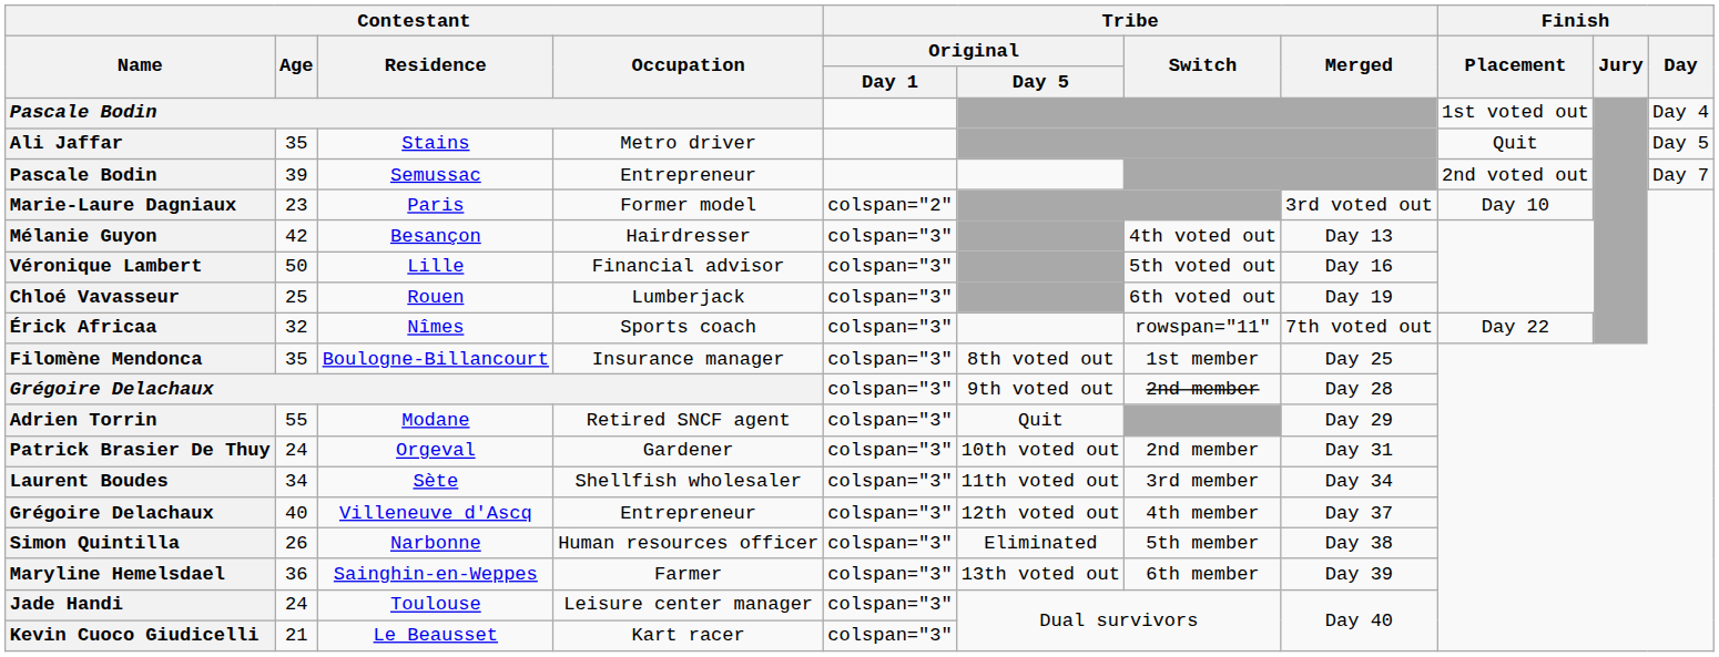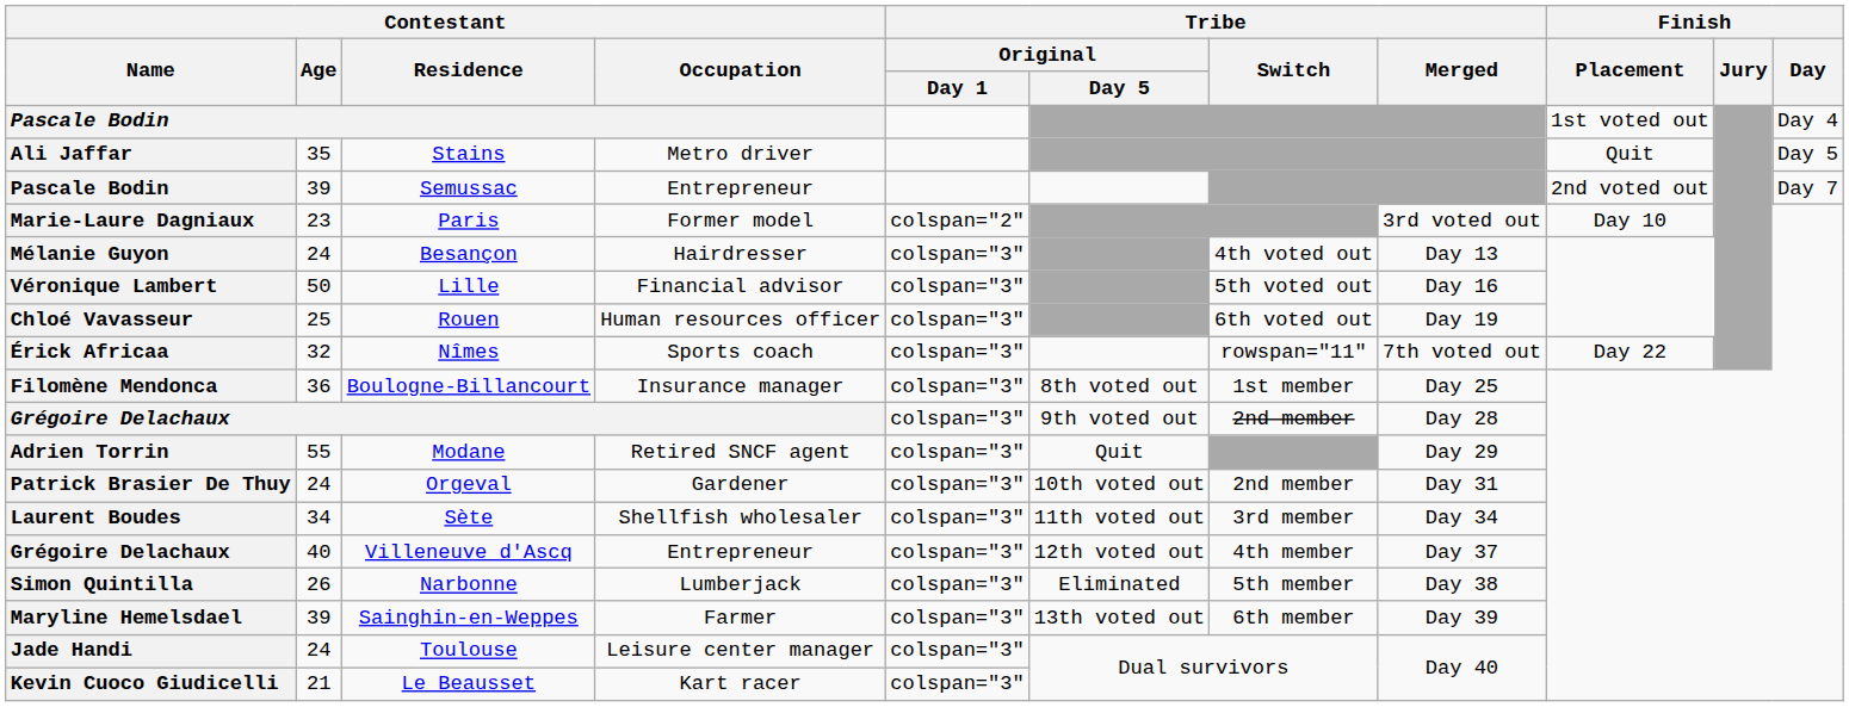 <table class="wikitable sortable" style="text-align:center;">
 <tr>
 <th colspan="4" scope="colgroup" class="unsortable">Contestant</th>
 <th colspan="4" scope="colgroup" class="unsortable">Tribe</th>
 <th colspan="3" scope="colgroup" class="unsortable">Finish</th>
 </tr>
 <tr>
 <th rowspan="2" scope="col">Name</th>
 <th rowspan="2" scope="col">Age</th>
 <th rowspan="2" scope="col" class="unsortable">Residence</th>
 <th rowspan="2" scope="col" class="unsortable">Occupation</th>
 <th colspan="2" scope="col">Original</th>
 <th rowspan="2" scope="col">Switch</th>
 <th rowspan="2" class="unsortable">Merged</th>
 <th rowspan="2" scope="col" class="unsortable">Placement</th>
 <th rowspan="2" scope="col" class="unsortable">Jury</th>
 <th rowspan="2" scope="col" class="unsortable">Day</th>
 </tr>
 <tr style="line-height:normal;">
 <th>Day 1</th>
 <th>Day 5</th>
 </tr>
 <tr>
 <th colspan="4" scope="row" style="text-align:left;"><em>Pascale Bodin</em></th>
 <td></td>
 <td colspan="3" style="background:darkgray; border:none;"></td>
 <td>1st voted out</td>
 <td rowspan="8" style="background:darkgray; border:none;"></td>
 <td>Day 4</td>
 </tr>
 <tr>
 <th scope="row" style="text-align:left;">Ali Jaffar</th>
 <td>35</td>
 <td><a href='#'>Stains</a></td>
 <td>Metro driver</td>
 <td></td>
 <td colspan="3" style="background:darkgray; border:none;"></td>
 <td>Quit</td>
 <td>Day 5</td>
 </tr>
 <tr>
 <th scope="row" style="text-align:left;">Pascale Bodin</th>
 <td>39</td>
 <td><a href='#'>Semussac</a></td>
 <td>Entrepreneur</td>
 <td></td>
 <td></td>
 <td colspan="2" style="background:darkgray; border:none;"></td>
 <td>2nd voted out</td>
 <td>Day 7</td>
 </tr>
 <tr>
 <th scope="row" style="text-align:left;">Marie-Laure Dagniaux</th>
 <td>23</td>
 <td><a href='#'>Paris</a></td>
 <td>Former model</td>
 <td>colspan="2" </td>
 <td colspan="2" style="background:darkgray; border:none;"></td>
 <td>3rd voted out</td>
 <td>Day 10</td>
 </tr>
 <tr>
 <th scope="row" style="text-align:left;">Mélanie Guyon</th>
-<td>42</td>
+<td>24</td>
 <td><a href='#'>Besançon</a></td>
 <td>Hairdresser</td>
 <td>colspan="3" </td>
 <td style="background:darkgray; border:none;"></td>
 <td>4th voted out</td>
 <td>Day 13</td>
 </tr>
 <tr>
 <th scope="row" style="text-align:left;">Véronique Lambert</th>
 <td>50</td>
 <td><a href='#'>Lille</a></td>
 <td>Financial advisor</td>
 <td>colspan="3" </td>
 <td style="background:darkgray; border:none;"></td>
 <td>5th voted out</td>
 <td>Day 16</td>
 </tr>
 <tr>
 <th scope="row" style="text-align:left;">Chloé Vavasseur</th>
 <td>25</td>
 <td><a href='#'>Rouen</a></td>
-<td>Lumberjack</td>
+<td>Human resources officer</td>
 <td>colspan="3" </td>
 <td style="background:darkgray; border:none;"></td>
 <td>6th voted out</td>
 <td>Day 19</td>
 </tr>
 <tr>
 <th scope="row" style="text-align:left;">Érick Africaa</th>
 <td>32</td>
 <td><a href='#'>Nîmes</a></td>
 <td>Sports coach</td>
 <td>colspan="3" </td>
 <td></td>
 <td>rowspan="11" </td>
 <td>7th voted out</td>
 <td>Day 22</td>
 </tr>
 <tr>
 <th scope="row" style="text-align:left;">Filomène Mendonca</th>
-<td>35</td>
+<td>36</td>
 <td><a href='#'>Boulogne-Billancourt</a></td>
 <td>Insurance manager</td>
 <td>colspan="3" </td>
 <td>8th voted out</td>
 <td>1st member</td>
 <td>Day 25</td>
 </tr>
 <tr>
 <th colspan="4" scope="row" style="text-align:left;"><em>Grégoire Delachaux</em></th>
 <td>colspan="3" </td>
 <td>9th voted out</td>
 <td><s>2nd member</s></td>
 <td>Day 28</td>
 </tr>
 <tr>
 <th scope="row" style="text-align:left;">Adrien Torrin</th>
 <td>55</td>
 <td><a href='#'>Modane</a></td>
 <td>Retired SNCF agent</td>
 <td>colspan="3" </td>
 <td>Quit</td>
 <td style="background:darkgray; border:none;"></td>
 <td>Day 29</td>
 </tr>
 <tr>
 <th scope="row" style="text-align:left;">Patrick Brasier De Thuy</th>
 <td>24</td>
 <td><a href='#'>Orgeval</a></td>
 <td>Gardener</td>
 <td>colspan="3" </td>
 <td>10th voted out</td>
 <td>2nd member</td>
 <td>Day 31</td>
 </tr>
 <tr>
 <th scope="row" style="text-align:left;">Laurent Boudes</th>
 <td>34</td>
 <td><a href='#'>Sète</a></td>
 <td>Shellfish wholesaler</td>
 <td>colspan="3" </td>
 <td>11th voted out</td>
 <td>3rd member</td>
 <td>Day 34</td>
 </tr>
 <tr>
 <th scope="row" style="text-align:left;">Grégoire Delachaux</th>
 <td>40</td>
 <td><a href='#'>Villeneuve d'Ascq</a></td>
 <td>Entrepreneur</td>
 <td>colspan="3" </td>
 <td>12th voted out</td>
 <td>4th member</td>
 <td>Day 37</td>
 </tr>
 <tr>
 <th scope="row" style="text-align:left;">Simon Quintilla</th>
 <td>26</td>
 <td><a href='#'>Narbonne</a></td>
-<td>Human resources officer</td>
+<td>Lumberjack</td>
 <td>colspan="3" </td>
 <td>Eliminated</td>
 <td>5th member</td>
 <td>Day 38</td>
 </tr>
 <tr>
 <th scope="row" style="text-align:left;">Maryline Hemelsdael</th>
-<td>36</td>
+<td>39</td>
 <td><a href='#'>Sainghin-en-Weppes</a></td>
 <td>Farmer</td>
 <td>colspan="3" </td>
 <td>13th voted out</td>
 <td>6th member</td>
 <td>Day 39</td>
 </tr>
 <tr>
 <th scope="row" style="text-align:left;">Jade Handi</th>
 <td>24</td>
 <td><a href='#'>Toulouse</a></td>
 <td>Leisure center manager</td>
 <td>colspan="3" </td>
 <td rowspan="2" colspan="2">Dual survivors</td>
 <td rowspan="2">Day 40</td>
 </tr>
 <tr>
 <th scope="row" style="text-align:left;">Kevin Cuoco Giudicelli</th>
 <td>21</td>
 <td><a href='#'>Le Beausset</a></td>
 <td>Kart racer</td>
 <td>colspan="3" </td>
 </tr>
 </table>
